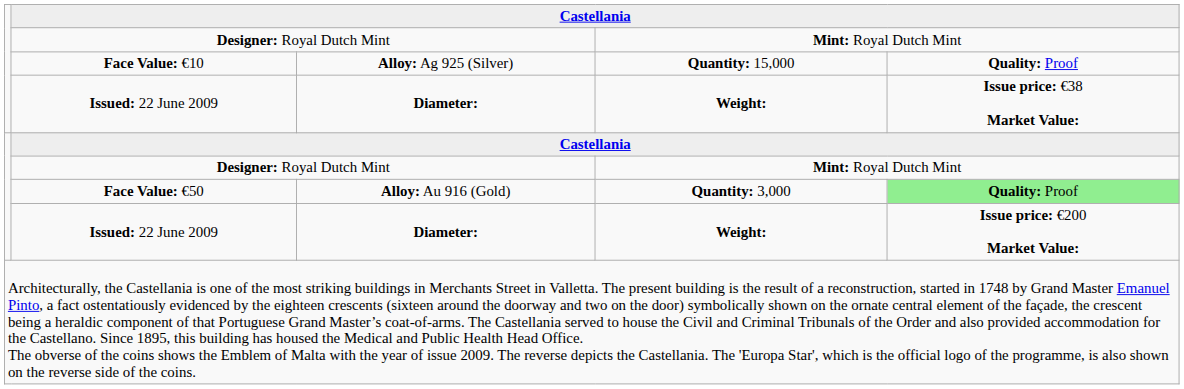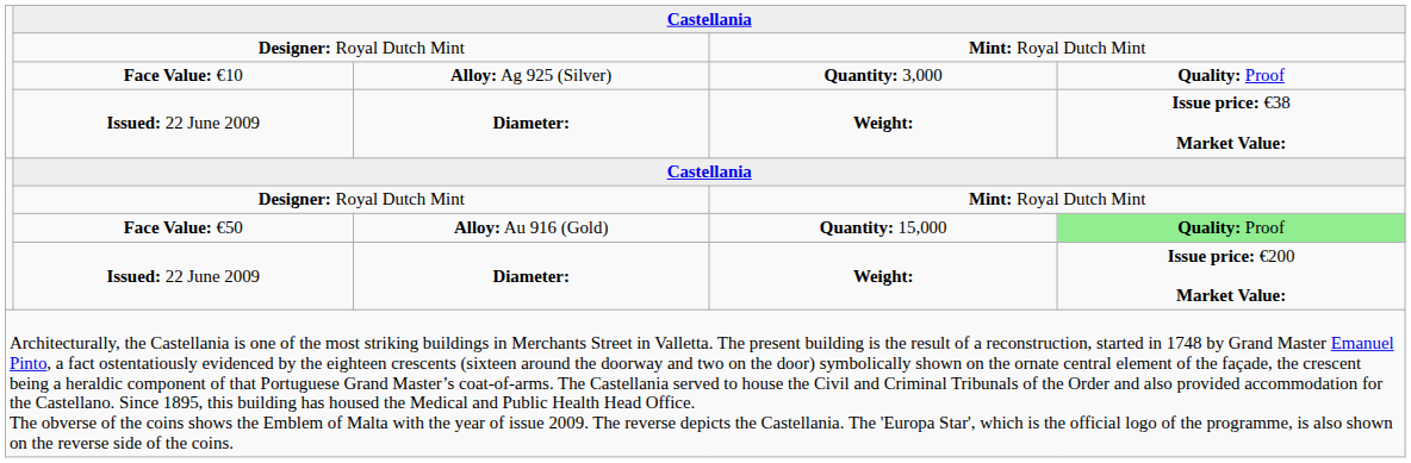 <table class="wikitable" width=100%>
 <tr>
 <td rowspan=4 width="330px" nowrap align=center></td>
 <th colspan="4" align=center style="background:#eeeeee;"><a href='#'>Castellania</a></th>
 </tr>
 <tr>
 <td colspan="2" width="50%" align=center><strong>Designer:</strong> Royal Dutch Mint</td>
 <td colspan="2" width="50%" align=center><strong>Mint:</strong> Royal Dutch Mint</td>
 </tr>
 <tr>
 <td align=center><strong>Face Value:</strong> €10</td>
 <td align=center><strong>Alloy:</strong> Ag 925 (Silver)</td>
-<td align=center><strong>Quantity:</strong> 15,000</td>
+<td align=center><strong>Quantity:</strong> 3,000</td>
 <td align=center><strong>Quality:</strong> <a href='#'>Proof</a></td>
 </tr>
 <tr>
 <td align=center><strong>Issued:</strong> 22 June 2009</td>
 <td align=center><strong>Diameter:</strong> </td>
 <td align=center><strong>Weight:</strong> </td>
 <td align=center><strong>Issue price:</strong>  €38<br><br> <strong>Market Value:</strong></td>
 </tr>
 <tr>
 <td rowspan=4 width="330px" nowrap align=center></td>
 <th colspan="4" align=center style="background:#eeeeee;"><a href='#'>Castellania</a></th>
 </tr>
 <tr>
 <td colspan="2" width="50%" align=center><strong>Designer:</strong> Royal Dutch Mint</td>
 <td colspan="2" width="50%" align=center><strong>Mint:</strong> Royal Dutch Mint</td>
 </tr>
 <tr>
 <td align=center><strong>Face Value:</strong> €50</td>
 <td align=center><strong>Alloy:</strong> Au 916 (Gold)</td>
-<td align=center><strong>Quantity:</strong> 3,000</td>
+<td align=center><strong>Quantity:</strong> 15,000</td>
 <td align=center style="background: lightgreen;"><strong>Quality:</strong> Proof</td>
 </tr>
 <tr>
 <td align=center><strong>Issued:</strong> 22 June 2009</td>
 <td align=center><strong>Diameter:</strong> </td>
 <td align=center><strong>Weight:</strong> </td>
 <td align=center><strong>Issue price:</strong> €200<br><br> <strong>Market Value:</strong></td>
 </tr>
 <tr>
 <td colspan="5" align=left><br>Architecturally, the Castellania is one of the most striking buildings in Merchants Street in Valletta. The present building is the result of a reconstruction, started in 1748 by Grand Master <a href='#'>Emanuel Pinto</a>, a fact ostentatiously evidenced by the eighteen crescents (sixteen around the doorway and two on the door) symbolically shown on the ornate central element of the façade, the crescent being a heraldic component of that Portuguese Grand Master’s coat-of-arms. The Castellania served to house the Civil and Criminal Tribunals of the Order and also provided accommodation for the Castellano. Since 1895, this building has housed the Medical and Public Health Head Office.<br>The obverse of the coins shows the Emblem of Malta with the year of issue 2009. The reverse depicts the Castellania. The 'Europa Star', which is the official logo of the programme, is also shown on the reverse side of the coins.</td>
 </tr>
 </table>
